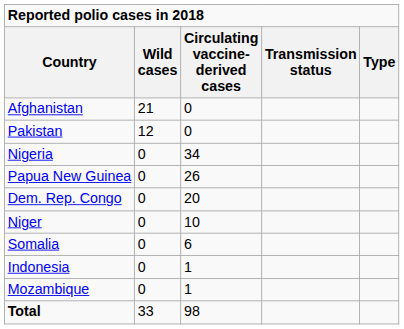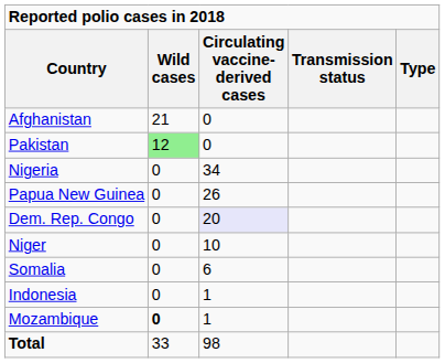 <table class="wikitable sortable mw-collapsible mw-collapsed" font-size:85%; margin-left:15px">
 <tr>
 <td colspan="5"><div><strong>Reported polio cases in 2018</strong><br> </div></td>
 </tr>
 <tr>
 <th>Country</th>
 <th>Wild<br>cases</th>
 <th>Circulating<br>vaccine-<br>derived<br>cases</th>
 <th>Transmission<br>status</th>
 <th>Type</th>
 </tr>
 <tr>
 <td><a href='#'>Afghanistan</a></td>
 <td>21</td>
 <td>0</td>
 <td></td>
 <td></td>
 </tr>
 <tr>
 <td><a href='#'>Pakistan</a></td>
-<td>12</td>
+<td style="background: lightgreen;">12</td>
 <td>0</td>
 <td></td>
 <td></td>
 </tr>
 <tr>
 <td><a href='#'>Nigeria</a></td>
 <td>0</td>
 <td>34</td>
 <td></td>
 <td></td>
 </tr>
 <tr>
 <td><a href='#'>Papua New Guinea</a></td>
 <td>0</td>
 <td>26</td>
 <td></td>
 <td></td>
 </tr>
 <tr>
 <td><a href='#'>Dem. Rep. Congo</a></td>
 <td>0</td>
-<td>20</td>
+<td style="background: lavender;">20</td>
 <td></td>
 <td></td>
 </tr>
 <tr>
 <td><a href='#'>Niger</a></td>
 <td>0</td>
 <td>10</td>
 <td></td>
 <td></td>
 </tr>
 <tr>
 <td><a href='#'>Somalia</a></td>
 <td>0</td>
 <td>6</td>
 <td></td>
 <td></td>
 </tr>
 <tr>
 <td><a href='#'>Indonesia</a></td>
 <td>0</td>
 <td>1</td>
 <td></td>
 <td></td>
 </tr>
 <tr>
 <td><a href='#'>Mozambique</a></td>
-<td>0</td>
+<td><strong>0</strong></td>
 <td>1</td>
 <td></td>
 <td></td>
 </tr>
 <tr>
 <td><strong>Total</strong></td>
 <td>33</td>
 <td>98</td>
 <td></td>
 <td></td>
 </tr>
 </table>
